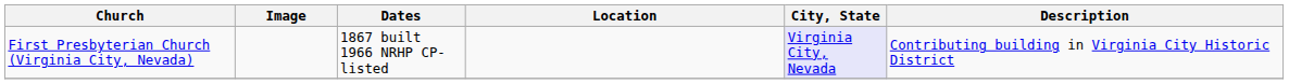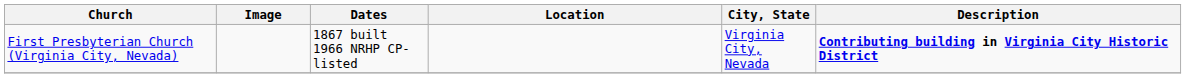 <table class="wikitable sortable" style="width:98%">
 <tr>
 <th width = 18%><strong>Church</strong></th>
 <th width = 8% class="unsortable"><strong>Image</strong></th>
 <th width = 10%><strong>Dates</strong></th>
 <th width = 25%><strong>Location</strong></th>
 <th width = 8%><strong>City, State</strong></th>
 <th class="unsortable"><strong>Description</strong></th>
 </tr>
 <tr>
 <td><a href='#'>First Presbyterian Church (Virginia City, Nevada)</a></td>
 <td></td>
 <td>1867 built<br>1966 NRHP CP-listed</td>
 <td></td>
-<td style="background: lavender;"><a href='#'>Virginia City, Nevada</a></td>
-<td><a href='#'>Contributing building</a> in <a href='#'>Virginia City Historic District</a></td>
+<td><a href='#'>Virginia City, Nevada</a></td>
+<td><strong><a href='#'>Contributing building</a> in <a href='#'>Virginia City Historic District</a></strong></td>
 </tr>
 <tr>
 </tr>
 </table>
